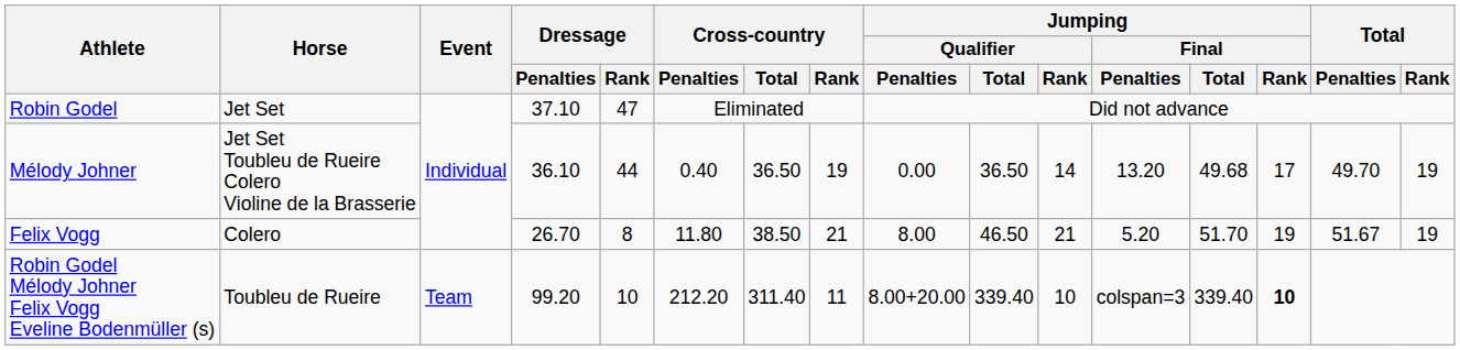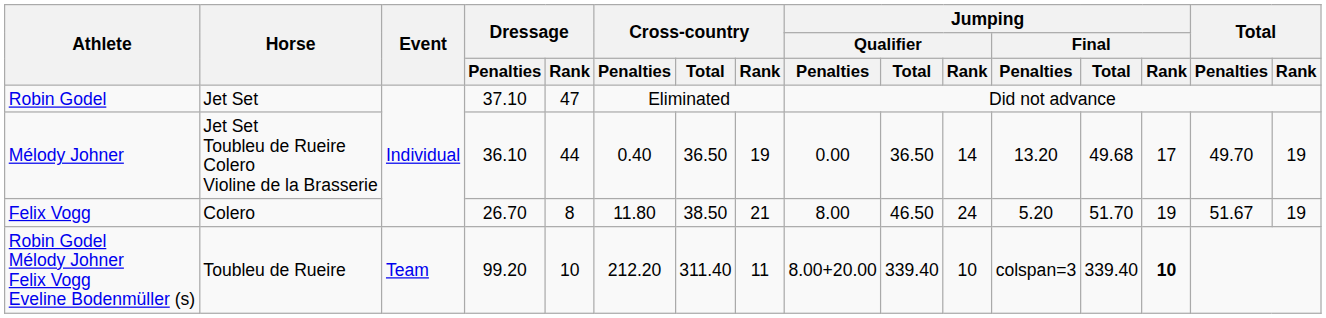 <table class=wikitable style="font-size:90%">
 <tr>
 <th rowspan="3">Athlete</th>
 <th rowspan="3">Horse</th>
 <th rowspan="3">Event</th>
 <th colspan="2" rowspan="2">Dressage</th>
 <th colspan="3" rowspan="2">Cross-country</th>
 <th colspan="6">Jumping</th>
 <th colspan="2" rowspan="2">Total</th>
 </tr>
 <tr style="font-size:95%">
 <th colspan="3">Qualifier</th>
 <th colspan="3">Final</th>
 </tr>
 <tr style="font-size:95%">
 <th>Penalties</th>
 <th>Rank</th>
 <th>Penalties</th>
 <th>Total</th>
 <th>Rank</th>
 <th>Penalties</th>
 <th>Total</th>
 <th>Rank</th>
 <th>Penalties</th>
 <th>Total</th>
 <th>Rank</th>
 <th>Penalties</th>
 <th>Rank</th>
 </tr>
 <tr align=center>
 <td align=left><a href='#'>Robin Godel</a></td>
 <td align=left>Jet Set</td>
 <td rowspan=3 align=left><a href='#'>Individual</a></td>
 <td>37.10</td>
 <td>47</td>
 <td colspan="3">Eliminated</td>
 <td colspan="8">Did not advance</td>
 </tr>
 <tr align=center>
 <td align=left><a href='#'>Mélody Johner</a></td>
 <td align="left">Jet Set<br>Toubleu de Rueire<br>Colero<br>Violine de la Brasserie</td>
 <td>36.10</td>
 <td>44</td>
 <td>0.40</td>
 <td>36.50</td>
 <td>19</td>
 <td>0.00</td>
 <td>36.50</td>
 <td>14</td>
 <td>13.20</td>
 <td>49.68</td>
 <td>17</td>
 <td>49.70</td>
 <td>19</td>
 </tr>
 <tr align=center>
 <td align=left><a href='#'>Felix Vogg</a></td>
 <td align=left>Colero</td>
 <td>26.70</td>
 <td>8</td>
 <td>11.80</td>
 <td>38.50</td>
 <td>21</td>
 <td>8.00</td>
 <td>46.50</td>
-<td>21</td>
+<td>24</td>
 <td>5.20</td>
 <td>51.70</td>
 <td>19</td>
 <td>51.67</td>
 <td>19</td>
 </tr>
 <tr align="center">
 <td align="left"><a href='#'>Robin Godel</a><br><a href='#'>Mélody Johner</a><br><a href='#'>Felix Vogg</a><br><a href='#'>Eveline Bodenmüller</a> (s)</td>
 <td align=left>Toubleu de Rueire</td>
 <td align="left"><a href='#'>Team</a></td>
 <td>99.20</td>
 <td>10</td>
 <td>212.20</td>
 <td>311.40</td>
 <td>11</td>
 <td>8.00+20.00</td>
 <td>339.40</td>
 <td>10</td>
 <td>colspan=3 </td>
 <td>339.40</td>
 <td><strong>10</strong></td>
 </tr>
 </table>
